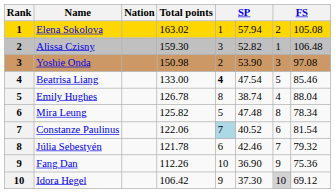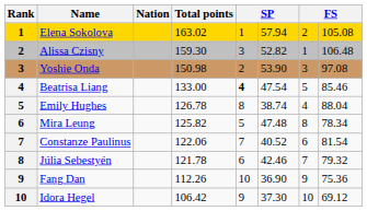 <table class="wikitable">
 <tr>
 <th>Rank</th>
 <th>Name</th>
 <th>Nation</th>
 <th>Total points</th>
 <th colspan="2" width="80px"><a href='#'>SP</a></th>
 <th colspan="2" width="80px"><a href='#'>FS</a></th>
 </tr>
 <tr bgcolor="gold">
 <td align="center"><strong>1</strong></td>
 <td><a href='#'>Elena Sokolova</a></td>
 <td></td>
 <td>163.02</td>
 <td>1</td>
 <td>57.94</td>
 <td>2</td>
 <td>105.08</td>
 </tr>
 <tr bgcolor="silver">
 <td align="center"><strong>2</strong></td>
 <td><a href='#'>Alissa Czisny</a></td>
 <td></td>
 <td>159.30</td>
 <td>3</td>
 <td>52.82</td>
 <td>1</td>
 <td>106.48</td>
 </tr>
 <tr bgcolor="cc9966">
 <td align="center"><strong>3</strong></td>
 <td><a href='#'>Yoshie Onda</a></td>
 <td></td>
 <td>150.98</td>
 <td>2</td>
 <td>53.90</td>
 <td>3</td>
 <td>97.08</td>
 </tr>
 <tr>
 <th>4</th>
 <td><a href='#'>Beatrisa Liang</a></td>
 <td></td>
 <td>133.00</td>
 <td><strong>4</strong></td>
 <td>47.54</td>
 <td>5</td>
 <td>85.46</td>
 </tr>
 <tr>
 <th>5</th>
 <td><a href='#'>Emily Hughes</a></td>
 <td></td>
 <td>126.78</td>
 <td>8</td>
 <td>38.74</td>
 <td>4</td>
 <td>88.04</td>
 </tr>
 <tr>
 <th>6</th>
 <td><a href='#'>Mira Leung</a></td>
 <td></td>
 <td>125.82</td>
 <td>5</td>
 <td>47.48</td>
 <td>8</td>
 <td>78.34</td>
 </tr>
 <tr>
 <th>7</th>
 <td><a href='#'>Constanze Paulinus</a></td>
 <td></td>
 <td>122.06</td>
-<td style="background: lightblue;">7</td>
+<td>7</td>
 <td>40.52</td>
 <td>6</td>
 <td>81.54</td>
 </tr>
 <tr>
 <th>8</th>
 <td><a href='#'>Júlia Sebestyén</a></td>
 <td></td>
 <td>121.78</td>
 <td>6</td>
 <td>42.46</td>
 <td>7</td>
 <td>79.32</td>
 </tr>
 <tr>
 <th>9</th>
 <td><a href='#'>Fang Dan</a></td>
 <td></td>
 <td>112.26</td>
 <td>10</td>
 <td>36.90</td>
 <td>9</td>
 <td>75.36</td>
 </tr>
 <tr>
 <th>10</th>
 <td><a href='#'>Idora Hegel</a></td>
 <td></td>
 <td>106.42</td>
 <td>9</td>
 <td>37.30</td>
-<td style="background: lightgrey;">10</td>
+<td>10</td>
 <td>69.12</td>
 </tr>
 </table>
